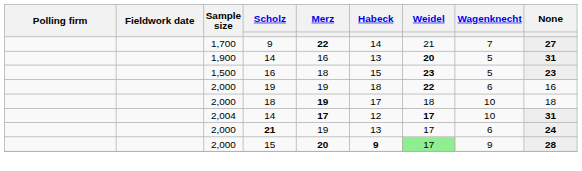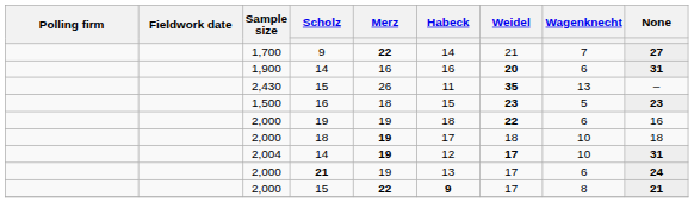 <table class="wikitable sortable mw-datatable" style="text-align:center;font-size:90%;line-height:14px;">
 <tr style="height:40px;">
 <th style="width:155px;" rowspan="2">Polling firm</th>
 <th style="width:120px;" rowspan="2">Fieldwork date</th>
 <th style="width: 35px;" rowspan="2">Sample<br>size</th>
 <th class="unsortable" style="width:70px;"><a href='#'>Scholz</a><br></th>
 <th class="unsortable" style="width:70px;"><a href='#'>Merz</a><br></th>
 <th class="unsortable" style="width:70px;"><a href='#'>Habeck</a><br></th>
 <th class="unsortable" style="width:70px;"><a href='#'>Weidel</a><br></th>
 <th class="unsortable" style="width:70px;"><a href='#'>Wagenknecht</a><br></th>
 <th class="unsortable" style="width:70px;">None</th>
 </tr>
 <tr>
 <th style="background:"></th>
 <th style="background:"></th>
 <th style="background:"></th>
 <th style="background:"></th>
 <th style="background:"></th>
 <th style="background:"></th>
 </tr>
 <tr>
 <td></td>
 <td></td>
 <td>1,700</td>
 <td>9</td>
 <td><strong>22</strong></td>
 <td>14</td>
 <td>21</td>
 <td>7</td>
 <td style="background:#EEEEEE;"><strong>27</strong></td>
 </tr>
 <tr>
 <td></td>
 <td></td>
 <td>1,900</td>
 <td>14</td>
 <td>16</td>
+<td>16</td>
+<td><strong>20</strong></td>
+<td>6</td>
+<td style="background:#EEEEEE;"><strong>31</strong></td>
+</tr>
+<tr>
+<td></td>
+<td></td>
+<td>2,430</td>
+<td>15</td>
+<td>26</td>
+<td>11</td>
+<td><strong>35</strong></td>
 <td>13</td>
-<td><strong>20</strong></td>
-<td>5</td>
-<td style="background:#EEEEEE;"><strong>31</strong></td>
+<td>–</td>
 </tr>
 <tr>
 <td></td>
 <td></td>
 <td>1,500</td>
 <td>16</td>
 <td>18</td>
 <td>15</td>
 <td><strong>23</strong></td>
 <td>5</td>
 <td style="background:#EEEEEE;"><strong>23</strong></td>
 </tr>
 <tr>
 <td></td>
 <td></td>
 <td>2,000</td>
 <td>19</td>
 <td>19</td>
 <td>18</td>
 <td><strong>22</strong></td>
 <td>6</td>
 <td>16</td>
 </tr>
 <tr>
 <td></td>
 <td></td>
 <td>2,000</td>
 <td>18</td>
 <td><strong>19</strong></td>
 <td>17</td>
 <td>18</td>
 <td>10</td>
 <td>18</td>
 </tr>
 <tr>
 <td></td>
 <td></td>
 <td>2,004</td>
 <td>14</td>
-<td><strong>17</strong></td>
+<td><strong>19</strong></td>
 <td>12</td>
 <td><strong>17</strong></td>
 <td>10</td>
 <td style="background:#EEEEEE;"><strong>31</strong></td>
 </tr>
 <tr>
 <td></td>
 <td></td>
 <td>2,000</td>
 <td><strong>21</strong></td>
 <td>19</td>
 <td>13</td>
 <td>17</td>
 <td>6</td>
 <td style="background:#EEEEEE;"><strong>24</strong></td>
 </tr>
 <tr>
 <td></td>
 <td></td>
 <td>2,000</td>
 <td>15</td>
-<td><strong>20</strong></td>
+<td><strong>22</strong></td>
 <td><strong>9</strong></td>
-<td style="background: lightgreen;">17</td>
-<td>9</td>
-<td style="background:#EEEEEE;"><strong>28</strong></td>
+<td>17</td>
+<td>8</td>
+<td style="background:#EEEEEE;"><strong>21</strong></td>
 </tr>
 <tr>
 </tr>
 </table>
